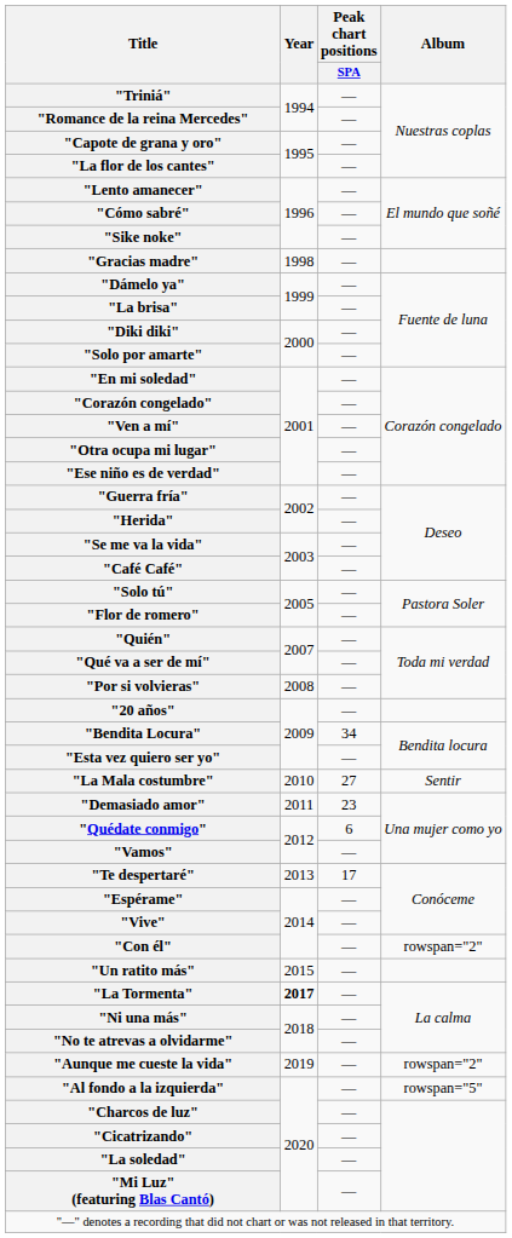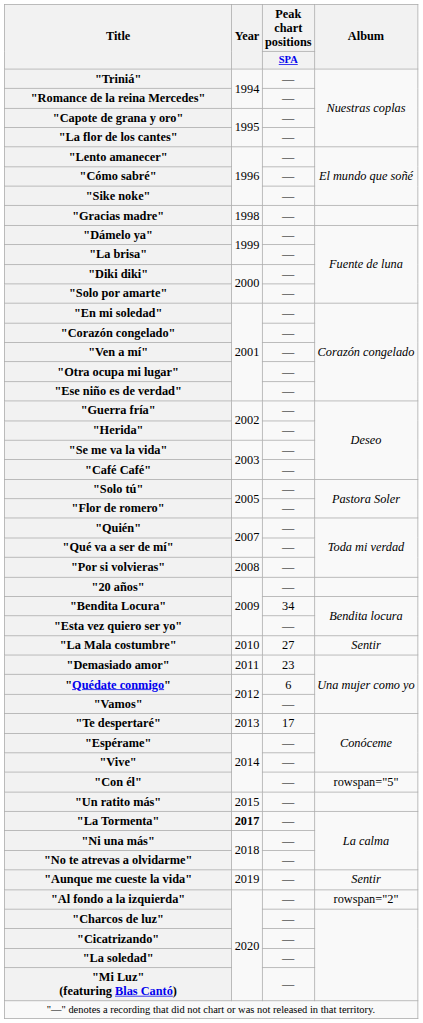 <table class="wikitable plainrowheaders" style="text-align:center;">
 <tr>
 <th scope="col" rowspan="2" style="width:18em;">Title</th>
 <th scope="col" rowspan="2" style="width:1em;">Year</th>
 <th scope="col" colspan="1">Peak chart positions</th>
 <th scope="col" rowspan="2">Album</th>
 </tr>
 <tr>
 <th scope="col" style="width:3em;font-size:85%;"><a href='#'>SPA</a></th>
 </tr>
 <tr>
 <th scope="row">"Triniá"</th>
 <td rowspan="2">1994</td>
 <td>—</td>
 <td rowspan="4"><em>Nuestras coplas</em></td>
 </tr>
 <tr>
 <th scope="row">"Romance de la reina Mercedes"</th>
 <td>—</td>
 </tr>
 <tr>
 <th scope="row">"Capote de grana y oro"</th>
 <td rowspan="2">1995</td>
 <td>—</td>
 </tr>
 <tr>
 <th scope="row">"La flor de los cantes"</th>
 <td>—</td>
 </tr>
 <tr>
 <th scope="row">"Lento amanecer"</th>
 <td rowspan="3">1996</td>
 <td>—</td>
 <td rowspan="3"><em>El mundo que soñé</em></td>
 </tr>
 <tr>
 <th scope="row">"Cómo sabré"</th>
 <td>—</td>
 </tr>
 <tr>
 <th scope="row">"Sike noke"</th>
 <td>—</td>
 </tr>
 <tr>
 <th scope="row">"Gracias madre"</th>
 <td>1998</td>
 <td>—</td>
 <td></td>
 </tr>
 <tr>
 <th scope="row">"Dámelo ya"</th>
 <td rowspan="2">1999</td>
 <td>—</td>
 <td rowspan="4"><em>Fuente de luna</em></td>
 </tr>
 <tr>
 <th scope="row">"La brisa"</th>
 <td>—</td>
 </tr>
 <tr>
 <th scope="row">"Diki diki"</th>
 <td rowspan="2">2000</td>
 <td>—</td>
 </tr>
 <tr>
 <th scope="row">"Solo por amarte"</th>
 <td>—</td>
 </tr>
 <tr>
 <th scope="row">"En mi soledad"</th>
 <td rowspan="5">2001</td>
 <td>—</td>
 <td rowspan="5"><em>Corazón congelado</em></td>
 </tr>
 <tr>
 <th scope="row">"Corazón congelado"</th>
 <td>—</td>
 </tr>
 <tr>
 <th scope="row">"Ven a mí"</th>
 <td>—</td>
 </tr>
 <tr>
 <th scope="row">"Otra ocupa mi lugar"</th>
 <td>—</td>
 </tr>
 <tr>
 <th scope="row">"Ese niño es de verdad"</th>
 <td>—</td>
 </tr>
 <tr>
 <th scope="row">"Guerra fría"</th>
 <td rowspan="2">2002</td>
 <td>—</td>
 <td rowspan="4"><em>Deseo</em></td>
 </tr>
 <tr>
 <th scope="row">"Herida"</th>
 <td>—</td>
 </tr>
 <tr>
 <th scope="row">"Se me va la vida"</th>
 <td rowspan="2">2003</td>
 <td>—</td>
 </tr>
 <tr>
 <th scope="row">"Café Café"</th>
 <td>—</td>
 </tr>
 <tr>
 <th scope="row">"Solo tú"</th>
 <td rowspan="2">2005</td>
 <td>—</td>
 <td rowspan="2"><em>Pastora Soler</em></td>
 </tr>
 <tr>
 <th scope="row">"Flor de romero"</th>
 <td>—</td>
 </tr>
 <tr>
 <th scope="row">"Quién"</th>
 <td rowspan="2">2007</td>
 <td>—</td>
 <td rowspan="3"><em>Toda mi verdad</em></td>
 </tr>
 <tr>
 <th scope="row">"Qué va a ser de mí"</th>
 <td>—</td>
 </tr>
 <tr>
 <th scope="row">"Por si volvieras"</th>
 <td>2008</td>
 <td>—</td>
 </tr>
 <tr>
 <th scope="row">"20 años"</th>
 <td rowspan="3">2009</td>
 <td>—</td>
 <td></td>
 </tr>
 <tr>
 <th scope="row">"Bendita Locura"</th>
 <td>34</td>
 <td rowspan="2"><em>Bendita locura</em></td>
 </tr>
 <tr>
 <th scope="row">"Esta vez quiero ser yo"</th>
 <td>—</td>
 </tr>
 <tr>
 <th scope="row">"La Mala costumbre"</th>
 <td>2010</td>
 <td>27</td>
 <td><em>Sentir</em></td>
 </tr>
 <tr>
 <th scope="row">"Demasiado amor"</th>
 <td>2011</td>
 <td>23</td>
 <td rowspan="3"><em>Una mujer como yo</em></td>
 </tr>
 <tr>
 <th scope="row">"<a href='#'>Quédate conmigo</a>"</th>
 <td rowspan="2">2012</td>
 <td>6</td>
 </tr>
 <tr>
 <th scope="row">"Vamos"</th>
 <td>—</td>
 </tr>
 <tr>
 <th scope="row">"Te despertaré"</th>
 <td>2013</td>
 <td>17</td>
 <td rowspan="3"><em>Conóceme</em></td>
 </tr>
 <tr>
 <th scope="row">"Espérame"</th>
 <td rowspan="3">2014</td>
 <td>—</td>
 </tr>
 <tr>
 <th scope="row">"Vive"</th>
 <td>—</td>
 </tr>
 <tr>
 <th scope="row">"Con él"</th>
 <td>—</td>
-<td>rowspan="2" </td>
+<td>rowspan="5" </td>
 </tr>
 <tr>
 <th scope="row">"Un ratito más"</th>
 <td>2015</td>
 <td>—</td>
 </tr>
 <tr>
 <th scope="row">"La Tormenta"</th>
 <td><strong>2017</strong></td>
 <td>—</td>
 <td rowspan="3"><em>La calma</em></td>
 </tr>
 <tr>
 <th scope="row">"Ni una más"</th>
 <td rowspan="2">2018</td>
 <td>—</td>
 </tr>
 <tr>
 <th scope="row">"No te atrevas a olvidarme"</th>
 <td>—</td>
 </tr>
 <tr>
 <th scope="row">"Aunque me cueste la vida"</th>
 <td>2019</td>
 <td>—</td>
-<td>rowspan="2" </td>
+<td><em>Sentir</em></td>
 </tr>
 <tr>
 <th scope="row">"Al fondo a la izquierda"</th>
 <td rowspan="5">2020</td>
 <td>—</td>
-<td>rowspan="5" </td>
+<td>rowspan="2" </td>
 </tr>
 <tr>
 <th scope="row">"Charcos de luz"</th>
 <td>—</td>
 </tr>
 <tr>
 <th scope="row">"Cicatrizando"</th>
 <td>—</td>
 </tr>
 <tr>
 <th scope="row">"La soledad"</th>
 <td>—</td>
 </tr>
 <tr>
 <th scope="row">"Mi Luz"<br><span>(featuring <a href='#'>Blas Cantó</a>)</span></th>
 <td>—</td>
 </tr>
 <tr>
 <td colspan="14" style="font-size:85%">"—" denotes a recording that did not chart or was not released in that territory.</td>
 </tr>
 </table>
